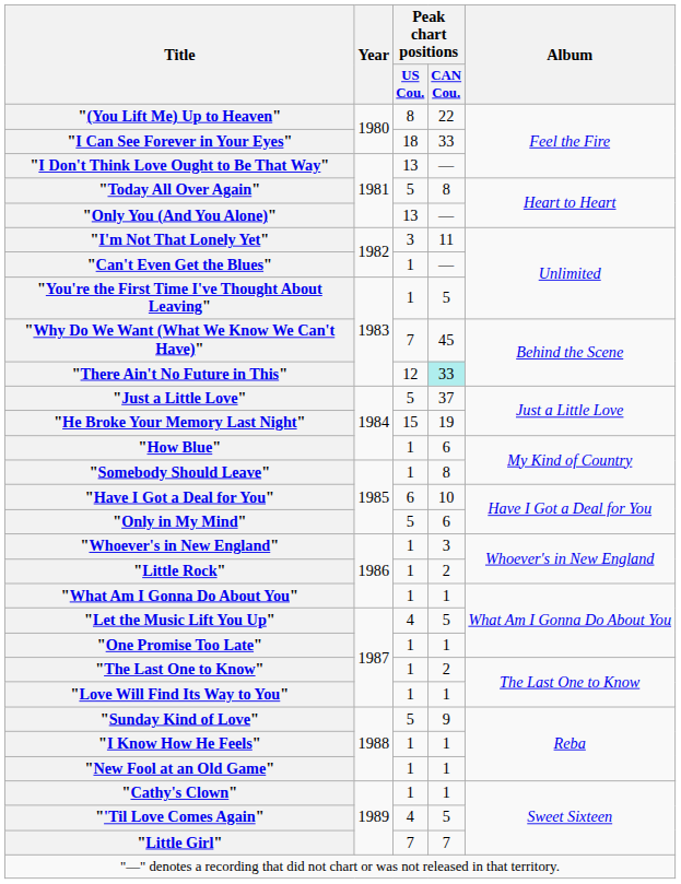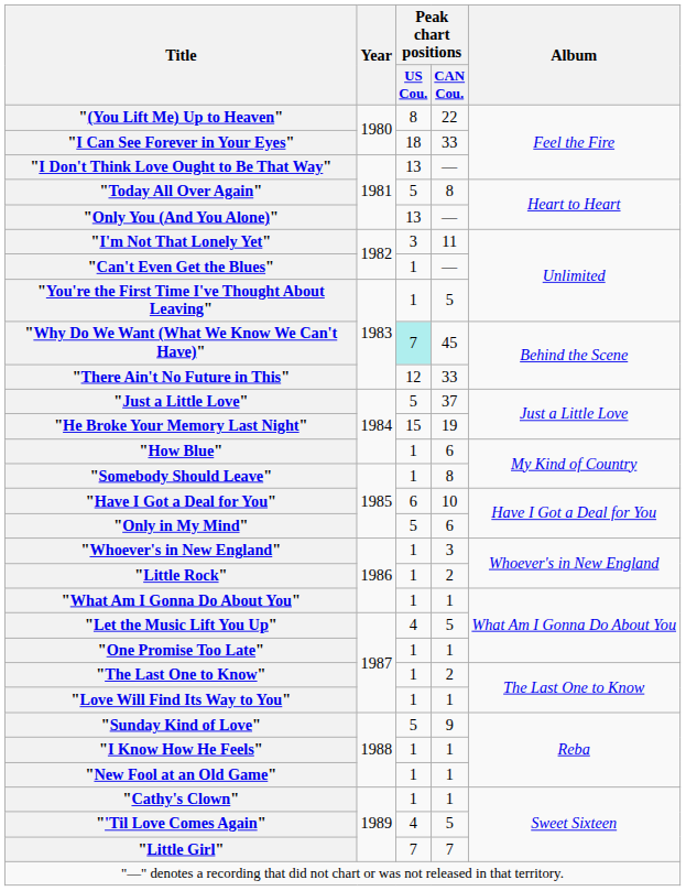 <table class="wikitable plainrowheaders" style="text-align:center;" border="1">
 <tr>
 <th scope="col" rowspan="2" style="width:22em;">Title</th>
 <th scope="col" rowspan="2">Year</th>
 <th scope="col" colspan="2">Peak chart<br>positions</th>
 <th scope="col" rowspan="2">Album</th>
 </tr>
 <tr>
 <th scope="col" style="width:2em;font-size:90%;"><a href='#'>US<br>Cou.</a><br></th>
 <th scope="col" style="width:2em;font-size:90%;"><a href='#'>CAN<br>Cou.</a><br></th>
 </tr>
 <tr>
 <th scope="row">"<a href='#'>(You Lift Me) Up to Heaven</a>"</th>
 <td rowspan="2">1980</td>
 <td>8</td>
 <td>22</td>
 <td rowspan="3"><em><a href='#'>Feel the Fire</a></em></td>
 </tr>
 <tr>
 <th scope="row">"<a href='#'>I Can See Forever in Your Eyes</a>"</th>
 <td>18</td>
 <td>33</td>
 </tr>
 <tr>
 <th scope="row">"<a href='#'>I Don't Think Love Ought to Be That Way</a>"</th>
 <td rowspan="3">1981</td>
 <td>13</td>
 <td>—</td>
 </tr>
 <tr>
 <th scope="row">"<a href='#'>Today All Over Again</a>"</th>
 <td>5</td>
 <td>8</td>
 <td rowspan="2"><em><a href='#'>Heart to Heart</a></em></td>
 </tr>
 <tr>
 <th scope="row">"<a href='#'>Only You (And You Alone)</a>"</th>
 <td>13</td>
 <td>—</td>
 </tr>
 <tr>
 <th scope="row">"<a href='#'>I'm Not That Lonely Yet</a>"</th>
 <td rowspan="2">1982</td>
 <td>3</td>
 <td>11</td>
 <td rowspan="3"><em><a href='#'>Unlimited</a></em></td>
 </tr>
 <tr>
 <th scope="row">"<a href='#'>Can't Even Get the Blues</a>"</th>
 <td>1</td>
 <td>—</td>
 </tr>
 <tr>
 <th scope="row">"<a href='#'>You're the First Time I've Thought About<br>Leaving</a>"</th>
 <td rowspan="3">1983</td>
 <td>1</td>
 <td>5</td>
 </tr>
 <tr>
 <th scope="row">"<a href='#'>Why Do We Want (What We Know We Can't<br>Have)</a>"</th>
-<td>7</td>
+<td style="background: paleturquoise;">7</td>
 <td>45</td>
 <td rowspan="2"><em><a href='#'>Behind the Scene</a></em></td>
 </tr>
 <tr>
 <th scope="row">"<a href='#'>There Ain't No Future in This</a>"</th>
 <td>12</td>
-<td style="background: paleturquoise;">33</td>
+<td>33</td>
 </tr>
 <tr>
 <th scope="row">"<a href='#'>Just a Little Love</a>"</th>
 <td rowspan="3">1984</td>
 <td>5</td>
 <td>37</td>
 <td rowspan="2"><em><a href='#'>Just a Little Love</a></em></td>
 </tr>
 <tr>
 <th scope="row">"<a href='#'>He Broke Your Memory Last Night</a>"</th>
 <td>15</td>
 <td>19</td>
 </tr>
 <tr>
 <th scope="row">"<a href='#'>How Blue</a>"</th>
 <td>1</td>
 <td>6</td>
 <td rowspan="2"><em><a href='#'>My Kind of Country</a></em></td>
 </tr>
 <tr>
 <th scope="row">"<a href='#'>Somebody Should Leave</a>"</th>
 <td rowspan="3">1985</td>
 <td>1</td>
 <td>8</td>
 </tr>
 <tr>
 <th scope="row">"<a href='#'>Have I Got a Deal for You</a>"</th>
 <td>6</td>
 <td>10</td>
 <td rowspan="2"><em><a href='#'>Have I Got a Deal for You</a></em></td>
 </tr>
 <tr>
 <th scope="row">"<a href='#'>Only in My Mind</a>"</th>
 <td>5</td>
 <td>6</td>
 </tr>
 <tr>
 <th scope="row">"<a href='#'>Whoever's in New England</a>"</th>
 <td rowspan="3">1986</td>
 <td>1</td>
 <td>3</td>
 <td rowspan="2"><em><a href='#'>Whoever's in New England</a></em></td>
 </tr>
 <tr>
 <th scope="row">"<a href='#'>Little Rock</a>"</th>
 <td>1</td>
 <td>2</td>
 </tr>
 <tr>
 <th scope="row">"<a href='#'>What Am I Gonna Do About You</a>"</th>
 <td>1</td>
 <td>1</td>
 <td rowspan="3"><em><a href='#'>What Am I Gonna Do About You</a></em></td>
 </tr>
 <tr>
 <th scope="row">"<a href='#'>Let the Music Lift You Up</a>"</th>
 <td rowspan="4">1987</td>
 <td>4</td>
 <td>5</td>
 </tr>
 <tr>
 <th scope="row">"<a href='#'>One Promise Too Late</a>"</th>
 <td>1</td>
 <td>1</td>
 </tr>
 <tr>
 <th scope="row">"<a href='#'>The Last One to Know</a>"</th>
 <td>1</td>
 <td>2</td>
 <td rowspan="2"><em><a href='#'>The Last One to Know</a></em></td>
 </tr>
 <tr>
 <th scope="row">"<a href='#'>Love Will Find Its Way to You</a>"</th>
 <td>1</td>
 <td>1</td>
 </tr>
 <tr>
 <th scope="row">"<a href='#'>Sunday Kind of Love</a>"</th>
 <td rowspan="3">1988</td>
 <td>5</td>
 <td>9</td>
 <td rowspan="3"><em><a href='#'>Reba</a></em></td>
 </tr>
 <tr>
 <th scope="row">"<a href='#'>I Know How He Feels</a>"</th>
 <td>1</td>
 <td>1</td>
 </tr>
 <tr>
 <th scope="row">"<a href='#'>New Fool at an Old Game</a>"</th>
 <td>1</td>
 <td>1</td>
 </tr>
 <tr>
 <th scope="row">"<a href='#'>Cathy's Clown</a>"</th>
 <td rowspan="3">1989</td>
 <td>1</td>
 <td>1</td>
 <td rowspan="3"><em><a href='#'>Sweet Sixteen</a></em></td>
 </tr>
 <tr>
 <th scope="row">"<a href='#'>'Til Love Comes Again</a>"</th>
 <td>4</td>
 <td>5</td>
 </tr>
 <tr>
 <th scope="row">"<a href='#'>Little Girl</a>"</th>
 <td>7</td>
 <td>7</td>
 </tr>
 <tr>
 <td colspan="5" style="font-size:90%">"—" denotes a recording that did not chart or was not released in that territory.</td>
 </tr>
 </table>
